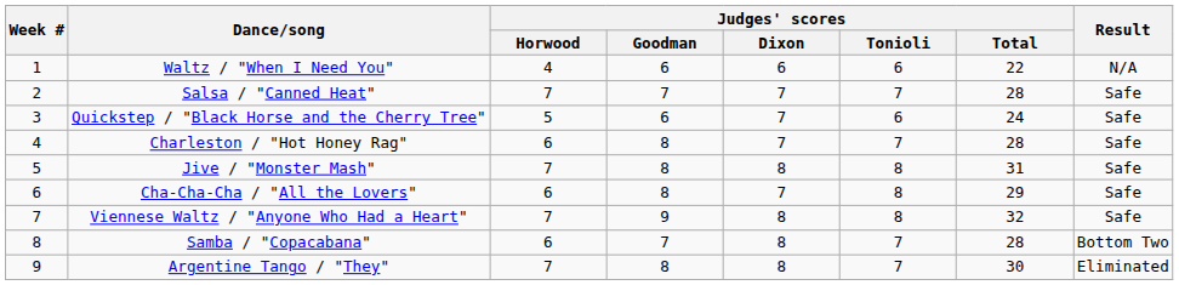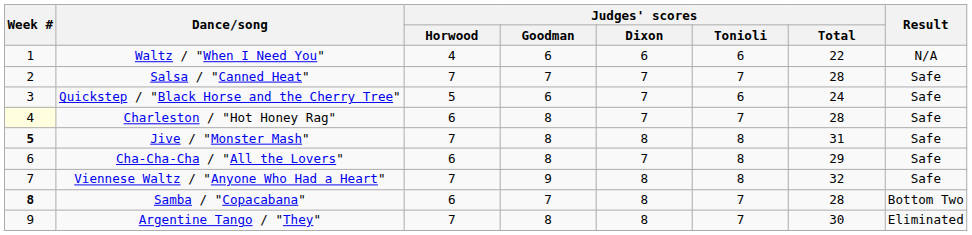 <table class="wikitable" style="text-align:center;">
 <tr>
 <th rowspan="2">Week #</th>
 <th rowspan="2">Dance/song</th>
 <th colspan="5">Judges' scores</th>
 <th rowspan="2">Result</th>
 </tr>
 <tr>
 <th style="width:10%;">Horwood</th>
 <th style="width:10%;">Goodman</th>
 <th style="width:10%;">Dixon</th>
 <th style="width:10%;">Tonioli</th>
 <th style="width:10%;">Total</th>
 </tr>
 <tr>
 <td>1</td>
 <td><a href='#'>Waltz</a> / "<a href='#'>When I Need You</a>"</td>
 <td>4</td>
 <td>6</td>
 <td>6</td>
 <td>6</td>
 <td>22</td>
 <td>N/A</td>
 </tr>
 <tr>
 <td>2</td>
 <td><a href='#'>Salsa</a> / "<a href='#'>Canned Heat</a>"</td>
 <td>7</td>
 <td>7</td>
 <td>7</td>
 <td>7</td>
 <td>28</td>
 <td>Safe</td>
 </tr>
 <tr>
 <td>3</td>
 <td><a href='#'>Quickstep</a> / "<a href='#'>Black Horse and the Cherry Tree</a>"</td>
 <td>5</td>
 <td>6</td>
 <td>7</td>
 <td>6</td>
 <td>24</td>
 <td>Safe</td>
 </tr>
 <tr>
-<td>4</td>
+<td style="background: lightyellow;">4</td>
 <td><a href='#'>Charleston</a> / "Hot Honey Rag"</td>
 <td>6</td>
 <td>8</td>
 <td>7</td>
 <td>7</td>
 <td>28</td>
 <td>Safe</td>
 </tr>
 <tr>
-<td>5</td>
+<td><strong>5</strong></td>
 <td><a href='#'>Jive</a> / "<a href='#'>Monster Mash</a>"</td>
 <td>7</td>
 <td>8</td>
 <td>8</td>
 <td>8</td>
 <td>31</td>
 <td>Safe</td>
 </tr>
 <tr>
 <td>6</td>
 <td><a href='#'>Cha-Cha-Cha</a> / "<a href='#'>All the Lovers</a>"</td>
 <td>6</td>
 <td>8</td>
 <td>7</td>
 <td>8</td>
 <td>29</td>
 <td>Safe</td>
 </tr>
 <tr>
 <td>7</td>
 <td><a href='#'>Viennese Waltz</a> / "<a href='#'>Anyone Who Had a Heart</a>"</td>
 <td>7</td>
 <td>9</td>
 <td>8</td>
 <td>8</td>
 <td>32</td>
 <td>Safe</td>
 </tr>
 <tr>
-<td>8</td>
+<td><strong>8</strong></td>
 <td><a href='#'>Samba</a> / "<a href='#'>Copacabana</a>"</td>
 <td>6</td>
 <td>7</td>
 <td>8</td>
 <td>7</td>
 <td>28</td>
 <td>Bottom Two</td>
 </tr>
 <tr>
 <td>9</td>
 <td><a href='#'>Argentine Tango</a> / "<a href='#'>They</a>"</td>
 <td>7</td>
 <td>8</td>
 <td>8</td>
 <td>7</td>
 <td>30</td>
 <td>Eliminated</td>
 </tr>
 </table>
